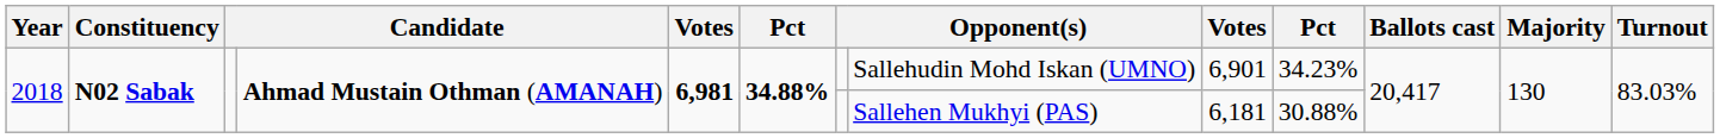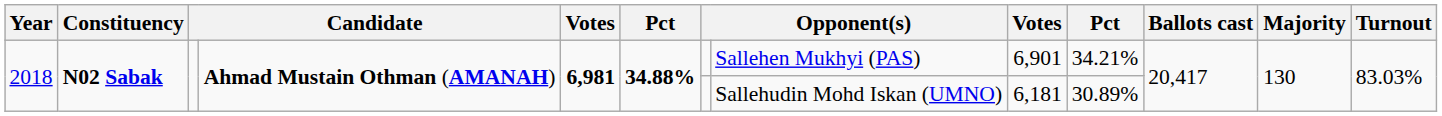 <table class="wikitable" style="margin:0.5em ; font-size:95%">
 <tr>
 <th>Year</th>
 <th>Constituency</th>
 <th colspan=2>Candidate</th>
 <th>Votes</th>
 <th>Pct</th>
 <th colspan=2>Opponent(s)</th>
 <th>Votes</th>
 <th>Pct</th>
 <th>Ballots cast</th>
 <th>Majority</th>
 <th>Turnout</th>
 </tr>
 <tr>
 <td rowspan=2><a href='#'>2018</a></td>
 <td rowspan=2><strong>N02 <a href='#'>Sabak</a></strong></td>
 <td rowspan=2 ></td>
 <td rowspan=2><strong>Ahmad Mustain Othman</strong> (<a href='#'><strong>AMANAH</strong></a>)</td>
 <td rowspan=2 align="right"><strong>6,981</strong></td>
 <td rowspan=2><strong>34.88%</strong></td>
 <td></td>
-<td>Sallehudin Mohd Iskan (<a href='#'>UMNO</a>)</td>
+<td><a href='#'>Sallehen Mukhyi</a> (<a href='#'>PAS</a>)</td>
 <td align="right">6,901</td>
-<td>34.23%</td>
+<td>34.21%</td>
 <td rowspan=2>20,417</td>
 <td rowspan=2>130</td>
 <td rowspan=2>83.03%</td>
 </tr>
 <tr>
 <td></td>
-<td><a href='#'>Sallehen Mukhyi</a> (<a href='#'>PAS</a>)</td>
+<td>Sallehudin Mohd Iskan (<a href='#'>UMNO</a>)</td>
 <td align="right">6,181</td>
-<td>30.88%</td>
+<td>30.89%</td>
 </tr>
 </table>
